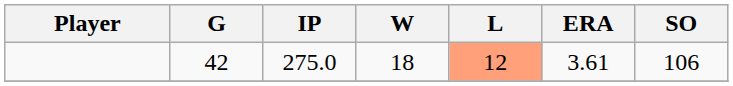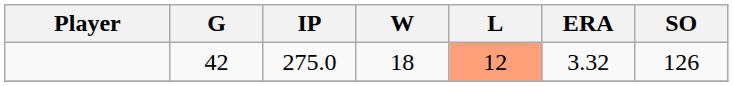 <table class="wikitable sortable">
 <tr>
 <th bgcolor="#DDDDFF" width="16%">Player</th>
 <th bgcolor="#DDDDFF" width="9%">G</th>
 <th bgcolor="#DDDDFF" width="9%">IP</th>
 <th bgcolor="#DDDDFF" width="9%">W</th>
 <th bgcolor="#DDDDFF" width="9%">L</th>
 <th bgcolor="#DDDDFF" width="9%">ERA</th>
 <th bgcolor="#DDDDFF" width="9%">SO</th>
 </tr>
 <tr align="center">
 <td></td>
 <td>42</td>
 <td>275.0</td>
 <td>18</td>
 <td style="background: lightsalmon;">12</td>
-<td>3.61</td>
-<td>106</td>
+<td>3.32</td>
+<td>126</td>
 </tr>
 <tr align="center">
 </tr>
 </table>
